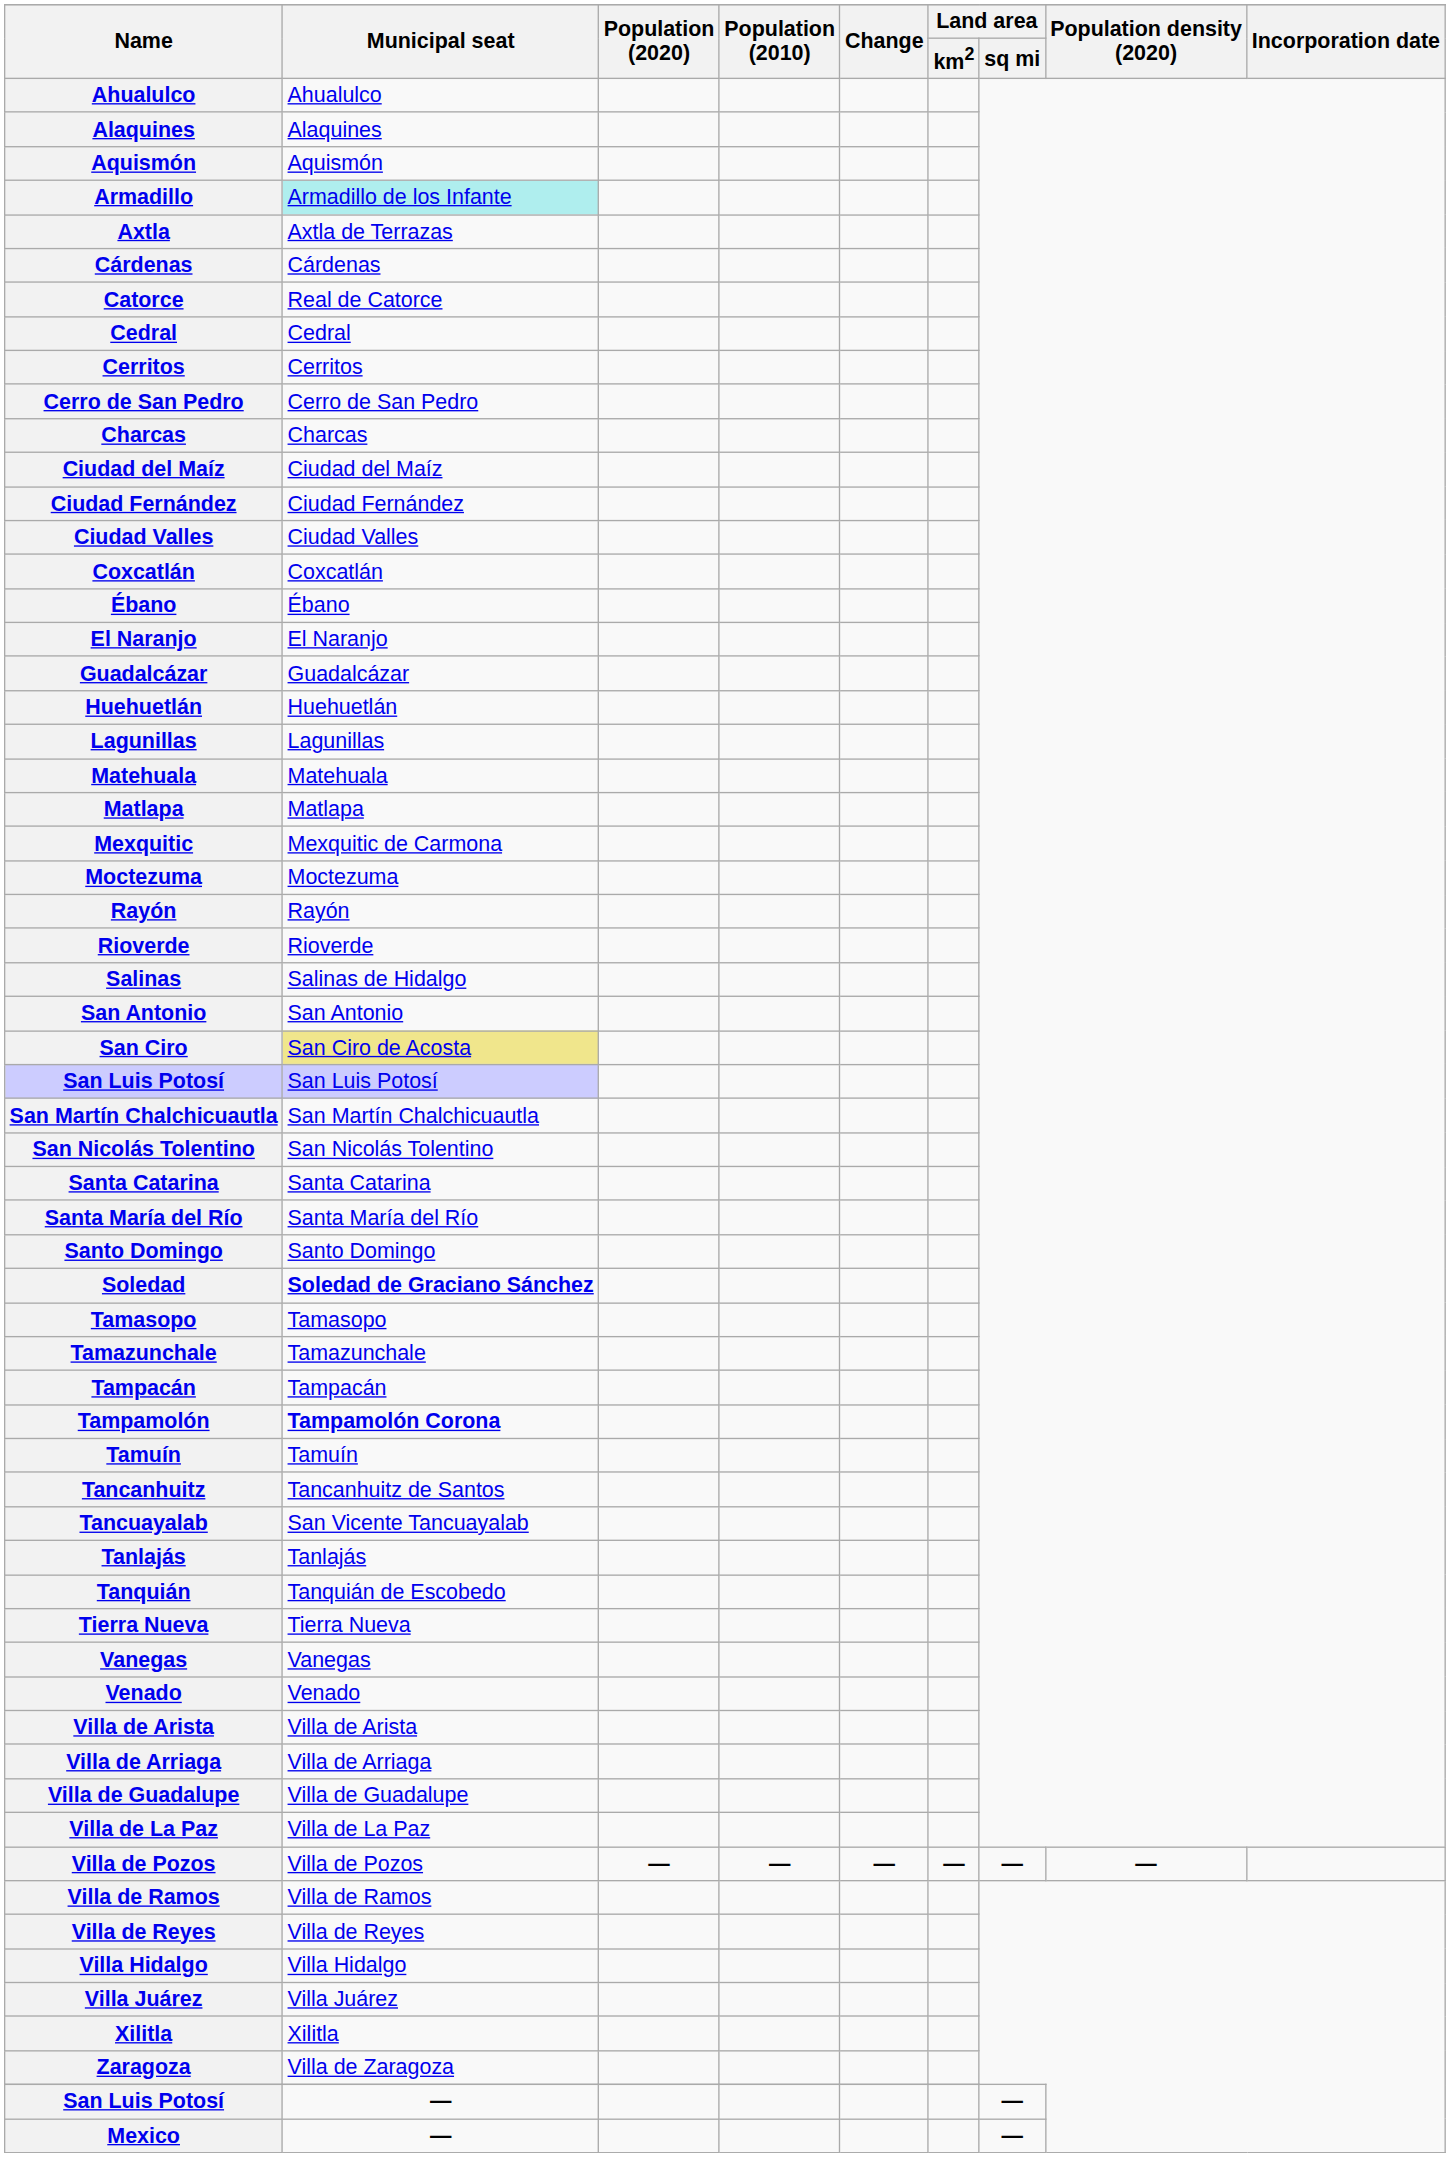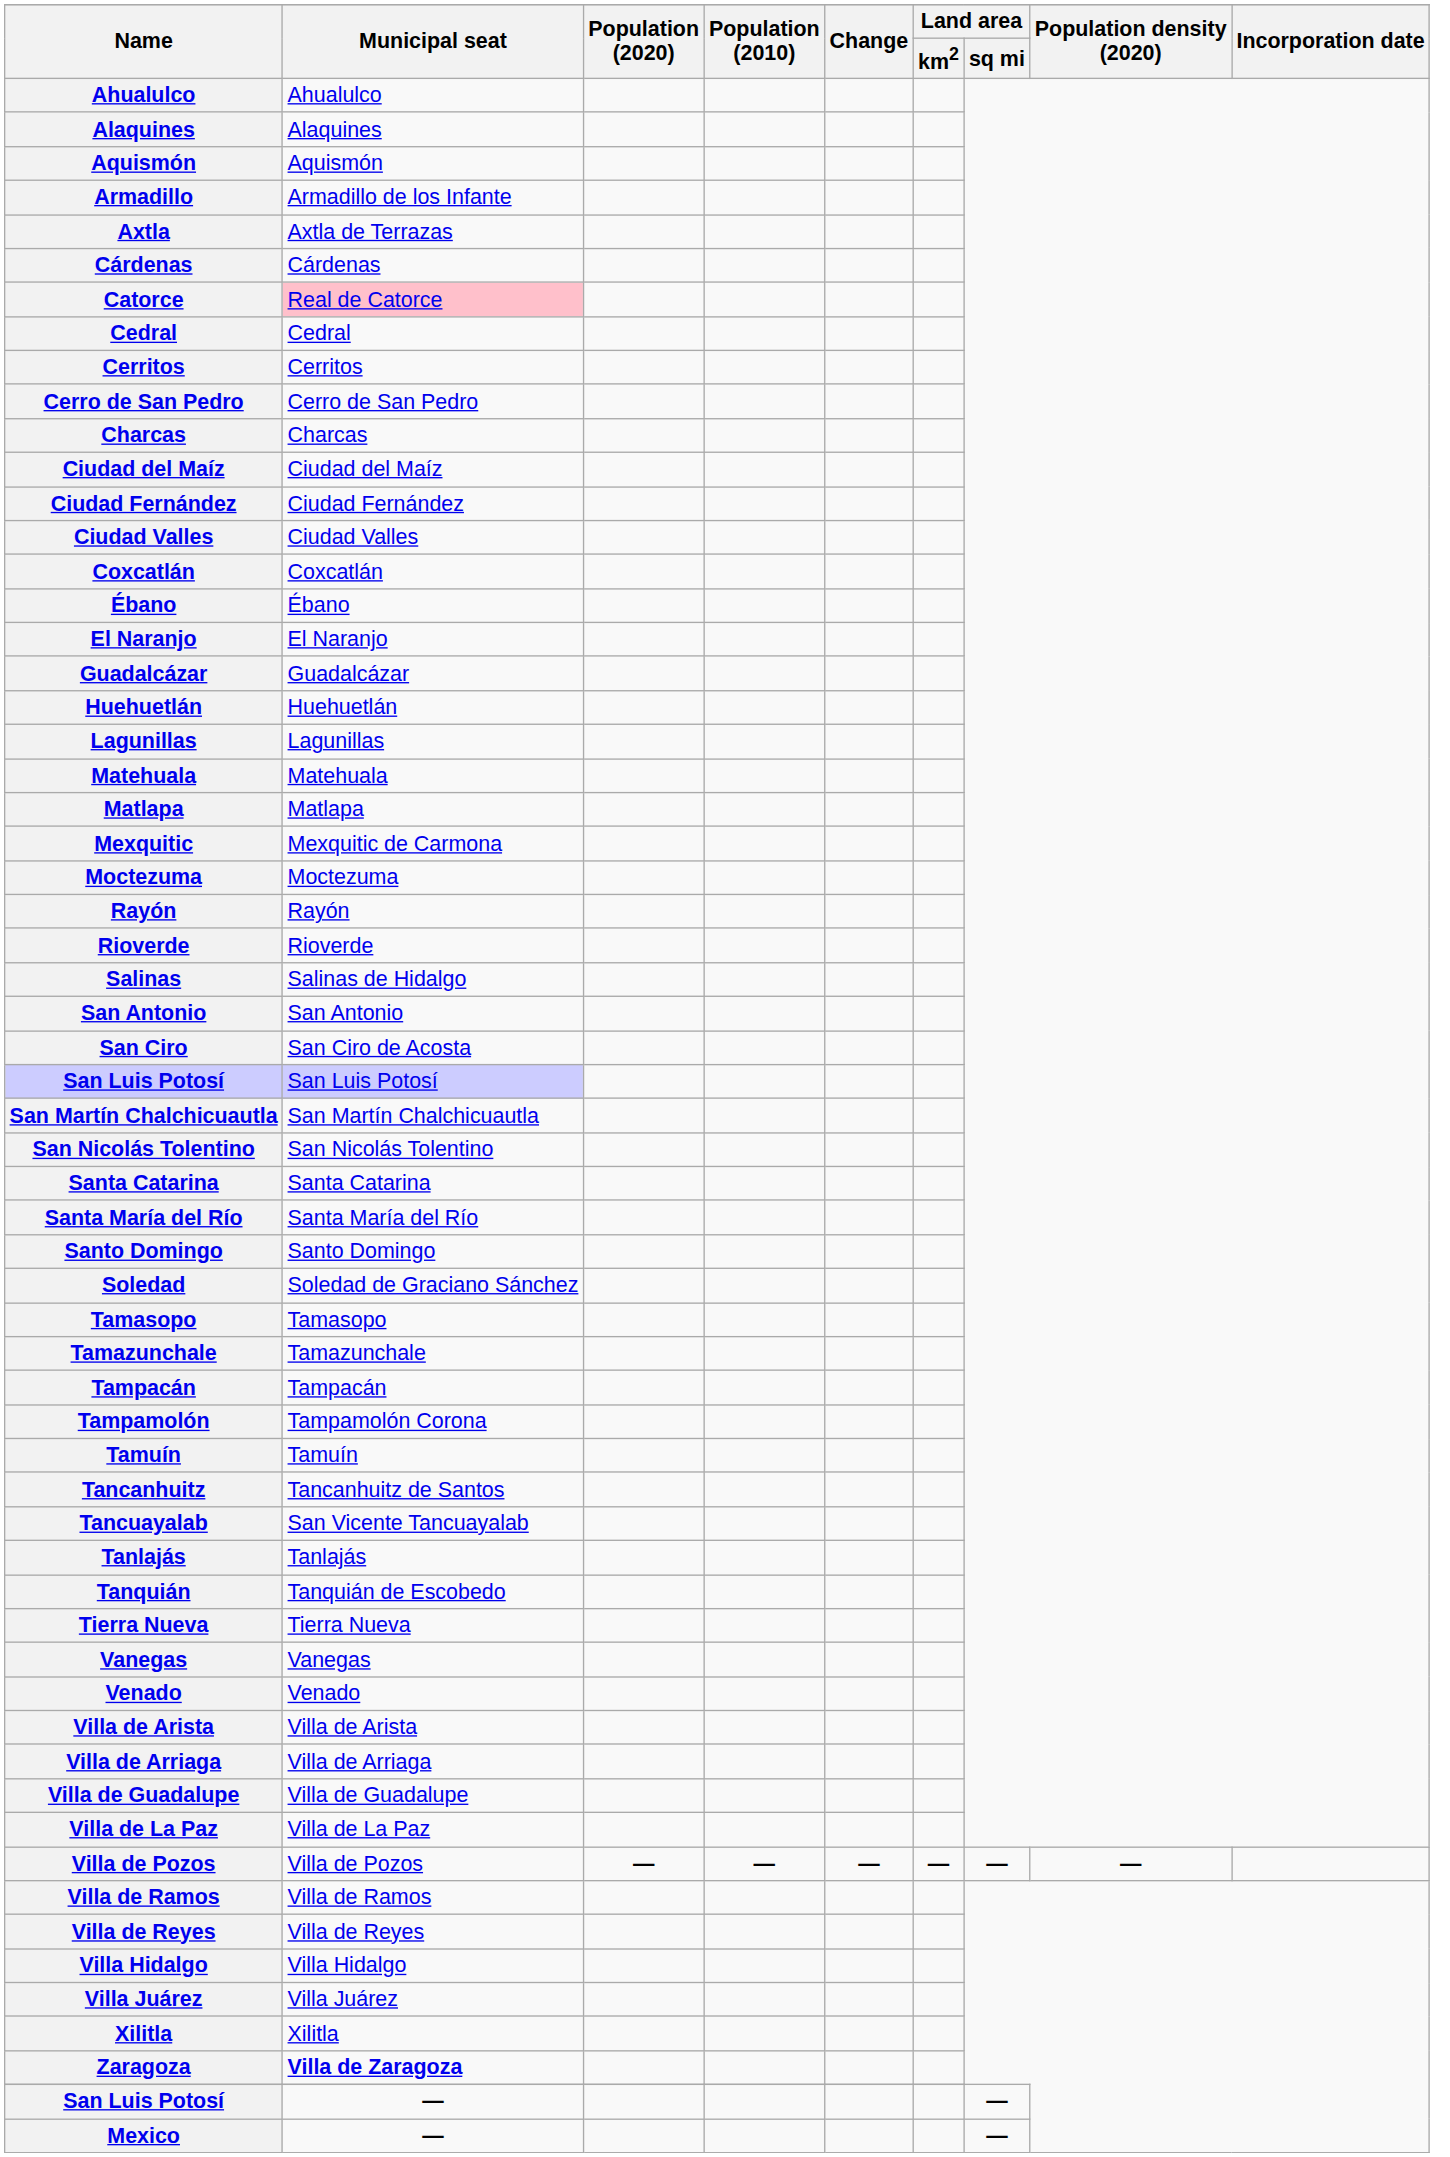 <table class="wikitable sortable" style="text-align:right;">
 <tr>
 </tr>
 <tr>
 <th scope="col"  rowspan=2>Name</th>
 <th scope="col"  rowspan=2>Municipal seat</th>
 <th scope="col"  rowspan=2>Population<br>(2020)</th>
 <th scope="col"  rowspan=2>Population<br>(2010)</th>
 <th scope="col"  rowspan=2>Change</th>
 <th scope="col" data-sort-type="number"  colspan=2>Land area</th>
 <th scope="col" data-sort-type="number"  rowspan=2>Population density<br>(2020)</th>
 <th scope="col"  rowspan=2>Incorporation date</th>
 </tr>
 <tr>
 <th scope="col">km<sup>2</sup></th>
 <th scope="col">sq mi</th>
 </tr>
 <tr>
 <th scope="row" align="left"><a href='#'>Ahualulco</a></th>
 <td align=left><a href='#'>Ahualulco</a></td>
 <td></td>
 <td></td>
 <td></td>
 <td></td>
 </tr>
 <tr>
 <th scope="row" align="left"><a href='#'>Alaquines</a></th>
 <td align=left><a href='#'>Alaquines</a></td>
 <td></td>
 <td></td>
 <td></td>
 <td></td>
 </tr>
 <tr>
 <th scope="row" align="left"><a href='#'>Aquismón</a></th>
 <td align=left><a href='#'>Aquismón</a></td>
 <td></td>
 <td></td>
 <td></td>
 <td></td>
 </tr>
 <tr>
 <th scope="row" align="left"><a href='#'>Armadillo</a></th>
-<td align=left style="background: paleturquoise;"><a href='#'>Armadillo de los Infante</a></td>
+<td align=left><a href='#'>Armadillo de los Infante</a></td>
 <td></td>
 <td></td>
 <td></td>
 <td></td>
 </tr>
 <tr>
 <th scope="row" align="left"><a href='#'>Axtla</a></th>
 <td align=left><a href='#'>Axtla de Terrazas</a></td>
 <td></td>
 <td></td>
 <td></td>
 <td></td>
 </tr>
 <tr>
 <th scope="row" align="left"><a href='#'>Cárdenas</a></th>
 <td align=left><a href='#'>Cárdenas</a></td>
 <td></td>
 <td></td>
 <td></td>
 <td></td>
 </tr>
 <tr>
 <th scope="row" align="left"><a href='#'>Catorce</a></th>
-<td align=left><a href='#'>Real de Catorce</a></td>
+<td align=left style="background: pink;"><a href='#'>Real de Catorce</a></td>
 <td></td>
 <td></td>
 <td></td>
 <td></td>
 </tr>
 <tr>
 <th scope="row" align="left"><a href='#'>Cedral</a></th>
 <td align=left><a href='#'>Cedral</a></td>
 <td></td>
 <td></td>
 <td></td>
 <td></td>
 </tr>
 <tr>
 <th scope="row" align="left"><a href='#'>Cerritos</a></th>
 <td align=left><a href='#'>Cerritos</a></td>
 <td></td>
 <td></td>
 <td></td>
 <td></td>
 </tr>
 <tr>
 <th scope="row" align="left"><a href='#'>Cerro de San Pedro</a></th>
 <td align=left><a href='#'>Cerro de San Pedro</a></td>
 <td></td>
 <td></td>
 <td></td>
 <td></td>
 </tr>
 <tr>
 <th scope="row" align="left"><a href='#'>Charcas</a></th>
 <td align=left><a href='#'>Charcas</a></td>
 <td></td>
 <td></td>
 <td></td>
 <td></td>
 </tr>
 <tr>
 <th scope="row" align="left"><a href='#'>Ciudad del Maíz</a></th>
 <td align=left><a href='#'>Ciudad del Maíz</a></td>
 <td></td>
 <td></td>
 <td></td>
 <td></td>
 </tr>
 <tr>
 <th scope="row" align="left"><a href='#'>Ciudad Fernández</a> </th>
 <td align=left><a href='#'>Ciudad Fernández</a></td>
 <td></td>
 <td></td>
 <td></td>
 <td></td>
 </tr>
 <tr>
 <th scope="row" align="left"><a href='#'>Ciudad Valles</a></th>
 <td align=left><a href='#'>Ciudad Valles</a></td>
 <td></td>
 <td></td>
 <td></td>
 <td></td>
 </tr>
 <tr>
 <th scope="row" align="left"><a href='#'>Coxcatlán</a></th>
 <td align=left><a href='#'>Coxcatlán</a></td>
 <td></td>
 <td></td>
 <td></td>
 <td></td>
 </tr>
 <tr>
 <th scope="row" align="left"><a href='#'>Ébano</a></th>
 <td align=left><a href='#'>Ébano</a></td>
 <td></td>
 <td></td>
 <td></td>
 <td></td>
 </tr>
 <tr>
 <th scope="row" align="left"><a href='#'>El Naranjo</a></th>
 <td align=left><a href='#'>El Naranjo</a></td>
 <td></td>
 <td></td>
 <td></td>
 <td></td>
 </tr>
 <tr>
 <th scope="row" align="left"><a href='#'>Guadalcázar</a></th>
 <td align=left><a href='#'>Guadalcázar</a></td>
 <td></td>
 <td></td>
 <td></td>
 <td></td>
 </tr>
 <tr>
 <th scope="row" align="left"><a href='#'>Huehuetlán</a></th>
 <td align=left><a href='#'>Huehuetlán</a></td>
 <td></td>
 <td></td>
 <td></td>
 <td></td>
 </tr>
 <tr>
 <th scope="row" align="left"><a href='#'>Lagunillas</a></th>
 <td align=left><a href='#'>Lagunillas</a></td>
 <td></td>
 <td></td>
 <td></td>
 <td></td>
 </tr>
 <tr>
 <th scope="row" align="left"><a href='#'>Matehuala</a></th>
 <td align=left><a href='#'>Matehuala</a></td>
 <td></td>
 <td></td>
 <td></td>
 <td></td>
 </tr>
 <tr>
 <th scope="row" align="left"><a href='#'>Matlapa</a></th>
 <td align=left><a href='#'>Matlapa</a></td>
 <td></td>
 <td></td>
 <td></td>
 <td></td>
 </tr>
 <tr>
 <th scope="row" align="left"><a href='#'>Mexquitic</a></th>
 <td align=left><a href='#'>Mexquitic de Carmona</a></td>
 <td></td>
 <td></td>
 <td></td>
 <td></td>
 </tr>
 <tr>
 <th scope="row" align="left"><a href='#'>Moctezuma</a></th>
 <td align=left><a href='#'>Moctezuma</a></td>
 <td></td>
 <td></td>
 <td></td>
 <td></td>
 </tr>
 <tr>
 <th scope="row" align="left"><a href='#'>Rayón</a></th>
 <td align=left><a href='#'>Rayón</a></td>
 <td></td>
 <td></td>
 <td></td>
 <td></td>
 </tr>
 <tr>
 <th scope="row" align="left"><a href='#'>Rioverde</a></th>
 <td align=left><a href='#'>Rioverde</a></td>
 <td></td>
 <td></td>
 <td></td>
 <td></td>
 </tr>
 <tr>
 <th scope="row" align="left"><a href='#'>Salinas</a></th>
 <td align=left><a href='#'>Salinas de Hidalgo</a></td>
 <td></td>
 <td></td>
 <td></td>
 <td></td>
 </tr>
 <tr>
 <th scope="row" align="left"><a href='#'>San Antonio</a></th>
 <td align=left><a href='#'>San Antonio</a></td>
 <td></td>
 <td></td>
 <td></td>
 <td></td>
 </tr>
 <tr>
 <th scope="row" align="left"><a href='#'>San Ciro</a></th>
-<td align=left style="background: khaki;"><a href='#'>San Ciro de Acosta</a></td>
+<td align=left><a href='#'>San Ciro de Acosta</a></td>
 <td></td>
 <td></td>
 <td></td>
 <td></td>
 </tr>
 <tr>
 <th scope="row" align="left" style="background:#CCF;"><a href='#'>San Luis Potosí</a></th>
 <td align=left style="background:#CCF;"><a href='#'>San Luis Potosí</a></td>
 <td></td>
 <td></td>
 <td></td>
 <td></td>
 </tr>
 <tr>
 <th scope="row" align="left"><a href='#'>San Martín Chalchicuautla</a></th>
 <td align=left><a href='#'>San Martín Chalchicuautla</a></td>
 <td></td>
 <td></td>
 <td></td>
 <td></td>
 </tr>
 <tr>
 <th scope="row" align="left"><a href='#'>San Nicolás Tolentino</a></th>
 <td align=left><a href='#'>San Nicolás Tolentino</a></td>
 <td></td>
 <td></td>
 <td></td>
 <td></td>
 </tr>
 <tr>
 <th scope="row" align="left"><a href='#'>Santa Catarina</a></th>
 <td align=left><a href='#'>Santa Catarina</a></td>
 <td></td>
 <td></td>
 <td></td>
 <td></td>
 </tr>
 <tr>
 <th scope="row" align="left"><a href='#'>Santa María del Río</a></th>
 <td align=left><a href='#'>Santa María del Río</a></td>
 <td></td>
 <td></td>
 <td></td>
 <td></td>
 </tr>
 <tr>
 <th scope="row" align="left"><a href='#'>Santo Domingo</a></th>
 <td align=left><a href='#'>Santo Domingo</a></td>
 <td></td>
 <td></td>
 <td></td>
 <td></td>
 </tr>
 <tr>
 <th scope="row" align="left"><a href='#'>Soledad</a></th>
-<td align=left><strong><a href='#'>Soledad de Graciano Sánchez</a></strong></td>
+<td align=left><a href='#'>Soledad de Graciano Sánchez</a></td>
 <td></td>
 <td></td>
 <td></td>
 <td></td>
 </tr>
 <tr>
 <th scope="row" align="left"><a href='#'>Tamasopo</a></th>
 <td align=left><a href='#'>Tamasopo</a></td>
 <td></td>
 <td></td>
 <td></td>
 <td></td>
 </tr>
 <tr>
 <th scope="row" align="left"><a href='#'>Tamazunchale</a></th>
 <td align=left><a href='#'>Tamazunchale</a></td>
 <td></td>
 <td></td>
 <td></td>
 <td></td>
 </tr>
 <tr>
 <th scope="row" align="left"><a href='#'>Tampacán</a></th>
 <td align=left><a href='#'>Tampacán</a></td>
 <td></td>
 <td></td>
 <td></td>
 <td></td>
 </tr>
 <tr>
 <th scope="row" align="left"><a href='#'>Tampamolón</a></th>
-<td align=left><strong><a href='#'>Tampamolón Corona</a></strong></td>
+<td align=left><a href='#'>Tampamolón Corona</a></td>
 <td></td>
 <td></td>
 <td></td>
 <td></td>
 </tr>
 <tr>
 <th scope="row" align="left"><a href='#'>Tamuín</a></th>
 <td align=left><a href='#'>Tamuín</a></td>
 <td></td>
 <td></td>
 <td></td>
 <td></td>
 </tr>
 <tr>
 <th scope="row" align="left"><a href='#'>Tancanhuitz</a></th>
 <td align=left><a href='#'>Tancanhuitz de Santos</a></td>
 <td></td>
 <td></td>
 <td></td>
 <td></td>
 </tr>
 <tr>
 <th scope="row" align="left"><a href='#'>Tancuayalab</a></th>
 <td align=left><a href='#'>San Vicente Tancuayalab</a></td>
 <td></td>
 <td></td>
 <td></td>
 <td></td>
 </tr>
 <tr>
 <th scope="row" align="left"><a href='#'>Tanlajás</a></th>
 <td align=left><a href='#'>Tanlajás</a></td>
 <td></td>
 <td></td>
 <td></td>
 <td></td>
 </tr>
 <tr>
 <th scope="row" align="left"><a href='#'>Tanquián</a></th>
 <td align=left><a href='#'>Tanquián de Escobedo</a></td>
 <td></td>
 <td></td>
 <td></td>
 <td></td>
 </tr>
 <tr>
 <th scope="row" align="left"><a href='#'>Tierra Nueva</a></th>
 <td align=left><a href='#'>Tierra Nueva</a></td>
 <td></td>
 <td></td>
 <td></td>
 <td></td>
 </tr>
 <tr>
 <th scope="row" align="left"><a href='#'>Vanegas</a></th>
 <td align=left><a href='#'>Vanegas</a></td>
 <td></td>
 <td></td>
 <td></td>
 <td></td>
 </tr>
 <tr>
 <th scope="row" align="left"><a href='#'>Venado</a></th>
 <td align=left><a href='#'>Venado</a></td>
 <td></td>
 <td></td>
 <td></td>
 <td></td>
 </tr>
 <tr>
 <th scope="row" align="left"><a href='#'>Villa de Arista</a></th>
 <td align=left><a href='#'>Villa de Arista</a></td>
 <td></td>
 <td></td>
 <td></td>
 <td></td>
 </tr>
 <tr>
 <th scope="row" align="left"><a href='#'>Villa de Arriaga</a></th>
 <td align=left><a href='#'>Villa de Arriaga</a></td>
 <td></td>
 <td></td>
 <td></td>
 <td></td>
 </tr>
 <tr>
 <th scope="row" align="left"><a href='#'>Villa de Guadalupe</a></th>
 <td align=left><a href='#'>Villa de Guadalupe</a></td>
 <td></td>
 <td></td>
 <td></td>
 <td></td>
 </tr>
 <tr>
 <th scope="row" align="left"><a href='#'>Villa de La Paz</a></th>
 <td align=left><a href='#'>Villa de La Paz</a></td>
 <td></td>
 <td></td>
 <td></td>
 <td></td>
 </tr>
 <tr>
 <th scope="row" align="left"><a href='#'>Villa de Pozos</a></th>
 <td align=left><a href='#'>Villa de Pozos</a></td>
 <td align=center><strong>—</strong></td>
 <td align=center><strong>—</strong></td>
 <td align=center><strong>—</strong></td>
 <td align=center><strong>—</strong></td>
 <td align=center><strong>—</strong></td>
 <td align=center><strong>—</strong></td>
 <td></td>
 </tr>
 <tr>
 <th scope="row" align="left"><a href='#'>Villa de Ramos</a></th>
 <td align=left><a href='#'>Villa de Ramos</a></td>
 <td></td>
 <td></td>
 <td></td>
 <td></td>
 </tr>
 <tr>
 <th scope="row" align="left"><a href='#'>Villa de Reyes</a></th>
 <td align=left><a href='#'>Villa de Reyes</a></td>
 <td></td>
 <td></td>
 <td></td>
 <td></td>
 </tr>
 <tr>
 <th scope="row" align="left"><a href='#'>Villa Hidalgo</a></th>
 <td align=left><a href='#'>Villa Hidalgo</a></td>
 <td></td>
 <td></td>
 <td></td>
 <td></td>
 </tr>
 <tr>
 <th scope="row" align="left"><a href='#'>Villa Juárez</a></th>
 <td align=left><a href='#'>Villa Juárez</a></td>
 <td></td>
 <td></td>
 <td></td>
 <td></td>
 </tr>
 <tr>
 <th scope="row" align="left"><a href='#'>Xilitla</a></th>
 <td align=left><a href='#'>Xilitla</a></td>
 <td></td>
 <td></td>
 <td></td>
 <td></td>
 </tr>
 <tr>
 <th scope="row" align="left"><a href='#'>Zaragoza</a></th>
-<td align=left><a href='#'>Villa de Zaragoza</a></td>
+<td align=left><strong><a href='#'>Villa de Zaragoza</a></strong></td>
 <td></td>
 <td></td>
 <td></td>
 <td></td>
 </tr>
 <tr>
 </tr>
 <tr class="sortbottom" style="text-align:center;" style="background: #f2f2f2;">
 <th scope="row" align="left"><strong><a href='#'>San Luis Potosí</a></strong></th>
 <td><strong>—</strong></td>
 <td></td>
 <td><strong></strong></td>
 <td><strong></strong></td>
 <td align="right"><strong></strong></td>
 <td><strong>—</strong></td>
 </tr>
 <tr class="sortbottom" style="text-align:center;" style="background: #f2f2f2;">
 <th scope="row" align="left"><strong><a href='#'>Mexico</a></strong></th>
 <td><strong>—</strong></td>
 <td></td>
 <td><strong></strong></td>
 <td><strong></strong></td>
 <td align="right"><strong></strong></td>
 <td><strong>—</strong></td>
 </tr>
 </table>
